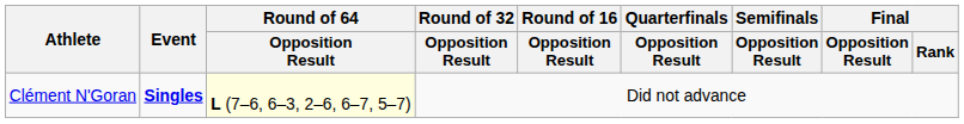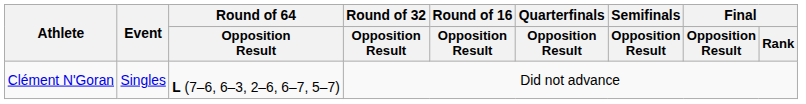 <table class="wikitable" style="font-size:90%">
 <tr>
 <th rowspan="2">Athlete</th>
 <th rowspan="2">Event</th>
 <th>Round of 64</th>
 <th>Round of 32</th>
 <th>Round of 16</th>
 <th>Quarterfinals</th>
 <th>Semifinals</th>
 <th colspan=2>Final</th>
 </tr>
 <tr style="font-size:95%">
 <th>Opposition<br>Result</th>
 <th>Opposition<br>Result</th>
 <th>Opposition<br>Result</th>
 <th>Opposition<br>Result</th>
 <th>Opposition<br>Result</th>
 <th>Opposition<br>Result</th>
 <th>Rank</th>
 </tr>
 <tr align=center>
 <td align=left><a href='#'>Clément N'Goran</a></td>
-<td align=left><strong><a href='#'>Singles</a></strong></td>
-<td style="background: lightyellow;"><br><strong>L</strong> (7–6, 6–3, 2–6, 6–7, 5–7)</td>
+<td align=left><a href='#'>Singles</a></td>
+<td><br><strong>L</strong> (7–6, 6–3, 2–6, 6–7, 5–7)</td>
 <td colspan=6>Did not advance</td>
 </tr>
 </table>
